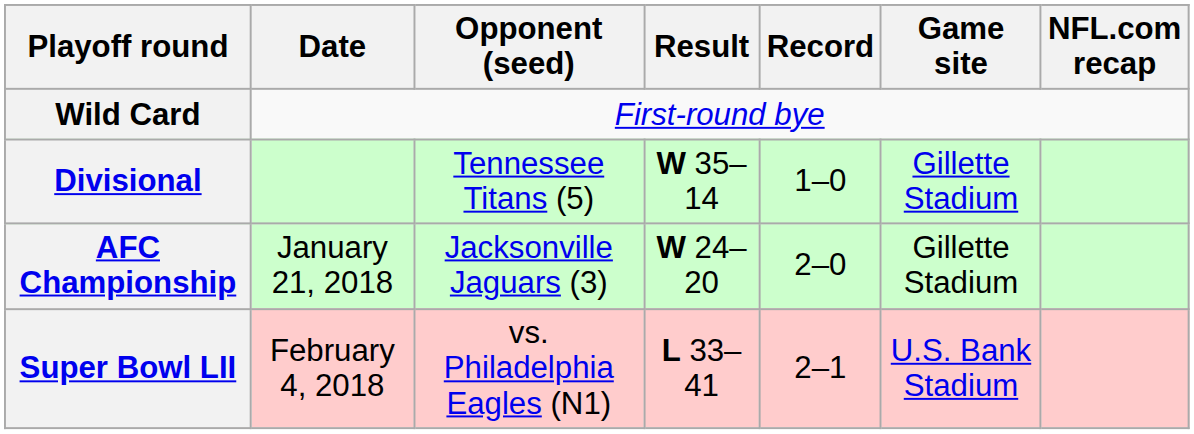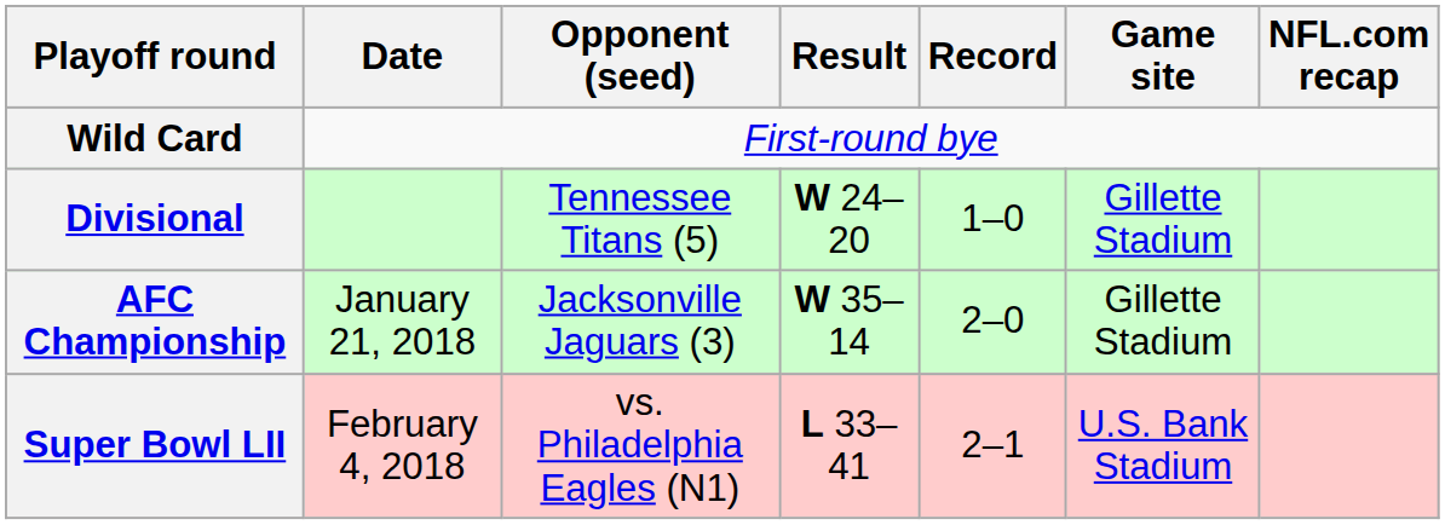 <table class="wikitable" style="text-align:center">
 <tr>
 <th>Playoff round</th>
 <th>Date</th>
 <th>Opponent (seed)</th>
 <th>Result</th>
 <th>Record</th>
 <th>Game site</th>
 <th>NFL.com<br>recap</th>
 </tr>
 <tr>
 <th>Wild Card</th>
 <td colspan=6><em><a href='#'>First-round bye</a></em></td>
 </tr>
 <tr style="background:#cfc">
 <th><a href='#'>Divisional</a></th>
 <td></td>
 <td><a href='#'>Tennessee Titans</a> (5)</td>
-<td><strong>W</strong> 35–14</td>
+<td><strong>W</strong> 24–20</td>
 <td>1–0</td>
 <td><a href='#'>Gillette Stadium</a></td>
 <td></td>
 </tr>
 <tr style="background:#cfc">
 <th><a href='#'>AFC Championship</a></th>
 <td>January 21, 2018</td>
 <td><a href='#'>Jacksonville Jaguars</a> (3)</td>
-<td><strong>W</strong> 24–20</td>
+<td><strong>W</strong> 35–14</td>
 <td>2–0</td>
 <td>Gillette Stadium</td>
 <td></td>
 </tr>
 <tr style="background:#fcc">
 <th><a href='#'>Super Bowl LII</a></th>
 <td>February 4, 2018</td>
 <td>vs. <a href='#'>Philadelphia Eagles</a> (N1)</td>
 <td><strong>L</strong> 33–41</td>
 <td>2–1</td>
 <td><a href='#'>U.S. Bank Stadium</a></td>
 <td></td>
 </tr>
 </table>
